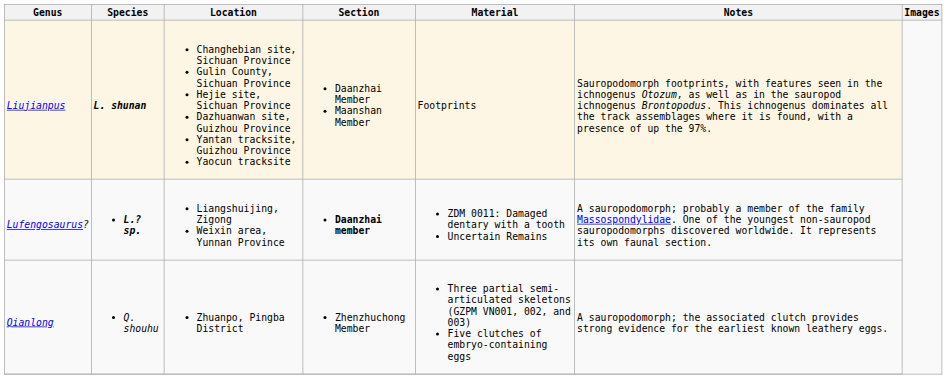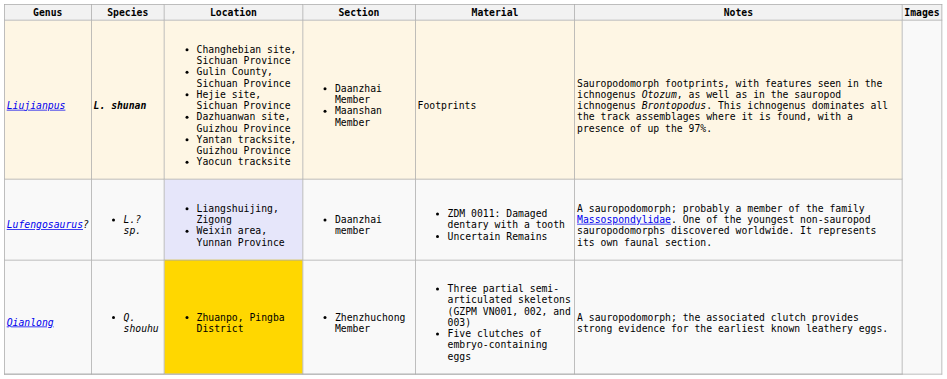 <table class="wikitable" align="center">
 <tr>
 <th>Genus</th>
 <th>Species</th>
 <th>Location</th>
 <th>Section</th>
 <th>Material</th>
 <th>Notes</th>
 <th>Images</th>
 </tr>
 <tr>
 <td style="background:#FEF6E4;"><br><em><a href='#'>Liujianpus</a></em></td>
 <td style="background:#FEF6E4;"><strong><br><em>L. shunan</em></strong></td>
 <td style="background:#FEF6E4;"><br><ul><li>Changhebian site, Sichuan Province</li><li>Gulin County, Sichuan Province</li><li>Hejie site, Sichuan Province</li><li>Dazhuanwan site, Guizhou Province</li><li>Yantan tracksite, Guizhou Province</li><li>Yaocun tracksite</li></ul></td>
 <td style="background:#FEF6E4;"><br><ul><li>Daanzhai Member</li><li>Maanshan Member</li></ul></td>
 <td style="background:#FEF6E4;"><br>Footprints</td>
 <td style="background:#FEF6E4;"><br>Sauropodomorph footprints, with features seen in the ichnogenus <em>Otozum</em>, as well as in the sauropod ichnogenus <em>Brontopodus</em>. This ichnogenus dominates all the track assemblages where it is found, with a presence of up the 97%.</td>
 <td rowspan = 100> </td>
 </tr>
 <tr>
 <td><br><em><a href='#'>Lufengosaurus</a>?</em></td>
-<td><strong><br><ul><li><em>L.? sp.</em></li></ul></strong></td>
-<td><br><ul><li>Liangshuijing, Zigong</li><li>Weixin area, Yunnan Province</li></ul></td>
-<td><strong><br><ul><li>Daanzhai member</li></ul></strong></td>
+<td><br><ul><li><em>L.? sp.</em></li></ul></td>
+<td style="background: lavender;"><br><ul><li>Liangshuijing, Zigong</li><li>Weixin area, Yunnan Province</li></ul></td>
+<td><br><ul><li>Daanzhai member</li></ul></td>
 <td><br><ul><li>ZDM 0011: Damaged dentary with a tooth</li><li>Uncertain Remains</li></ul></td>
 <td><br>A sauropodomorph; probably a member of the family <a href='#'>Massospondylidae</a>. One of the youngest non-sauropod sauropodomorphs discovered worldwide. It represents its own faunal section.</td>
 </tr>
 <tr>
 <td><br><em><a href='#'>Qianlong</a></em></td>
 <td><br><ul><li><em>Q. shouhu</em></li></ul></td>
-<td><br><ul><li>Zhuanpo, Pingba District</li></ul></td>
+<td style="background: gold;"><br><ul><li>Zhuanpo, Pingba District</li></ul></td>
 <td><br><ul><li>Zhenzhuchong Member</li></ul></td>
 <td><br><ul><li>Three partial semi-articulated skeletons (GZPM VN001, 002, and 003)</li><li>Five clutches of embryo-containing eggs</li></ul></td>
 <td><br>A sauropodomorph; the associated clutch provides strong evidence for the earliest known leathery eggs.</td>
 </tr>
 <tr>
 </tr>
 </table>
